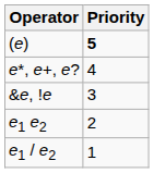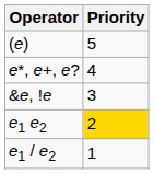 <table class="wikitable">
 <tr>
 <th>Operator</th>
 <th>Priority</th>
 </tr>
 <tr>
 <td>(<em>e</em>)</td>
-<td><strong>5</strong></td>
+<td>5</td>
 </tr>
 <tr>
 <td><em>e</em>*, <em>e</em>+, <em>e</em>?</td>
 <td>4</td>
 </tr>
 <tr>
 <td>&<em>e</em>, !<em>e</em></td>
 <td>3</td>
 </tr>
 <tr>
 <td><em>e</em><sub>1</sub> <em>e</em><sub>2</sub></td>
-<td>2</td>
+<td style="background: gold;">2</td>
 </tr>
 <tr>
 <td><em>e</em><sub>1</sub> / <em>e</em><sub>2</sub></td>
 <td>1</td>
 </tr>
 </table>
